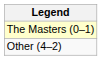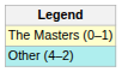 <table class="wikitable">
 <tr>
 <th>Legend</th>
 </tr>
 <tr style="background:#ffc;">
 <td>The Masters (0–1)</td>
 </tr>
 <tr>
-<td>Other (4–2)</td>
+<td style="background: paleturquoise;">Other (4–2)</td>
 </tr>
 </table>
